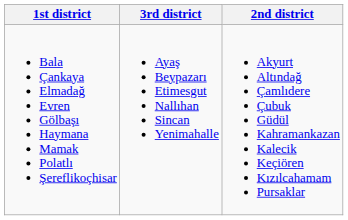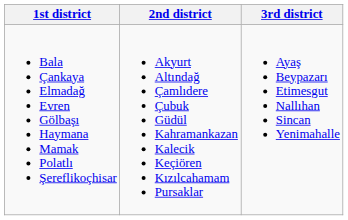 <table class="wikitable">
 <tr>
 <th><a href='#'>1st district</a></th>
+<th><a href='#'>2nd district</a></th>
 <th><a href='#'>3rd district</a></th>
-<th><a href='#'>2nd district</a></th>
 </tr>
 <tr style="vertical-align:top">
 <td><br><ul><li><a href='#'>Bala</a></li><li><a href='#'>Çankaya</a></li><li><a href='#'>Elmadağ</a></li><li><a href='#'>Evren</a></li><li><a href='#'>Gölbaşı</a></li><li><a href='#'>Haymana</a></li><li><a href='#'>Mamak</a></li><li><a href='#'>Polatlı</a></li><li><a href='#'>Şereflikoçhisar</a></li></ul></td>
+<td><br><ul><li><a href='#'>Akyurt</a></li><li><a href='#'>Altındağ</a></li><li><a href='#'>Çamlıdere</a></li><li><a href='#'>Çubuk</a></li><li><a href='#'>Güdül</a></li><li><a href='#'>Kahramankazan</a></li><li><a href='#'>Kalecik</a></li><li><a href='#'>Keçiören</a></li><li><a href='#'>Kızılcahamam</a></li><li><a href='#'>Pursaklar</a></li></ul></td>
 <td><br><ul><li><a href='#'>Ayaş</a></li><li><a href='#'>Beypazarı</a></li><li><a href='#'>Etimesgut</a></li><li><a href='#'>Nallıhan</a></li><li><a href='#'>Sincan</a></li><li><a href='#'>Yenimahalle</a></li></ul></td>
-<td><br><ul><li><a href='#'>Akyurt</a></li><li><a href='#'>Altındağ</a></li><li><a href='#'>Çamlıdere</a></li><li><a href='#'>Çubuk</a></li><li><a href='#'>Güdül</a></li><li><a href='#'>Kahramankazan</a></li><li><a href='#'>Kalecik</a></li><li><a href='#'>Keçiören</a></li><li><a href='#'>Kızılcahamam</a></li><li><a href='#'>Pursaklar</a></li></ul></td>
 </tr>
 </table>
